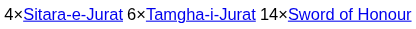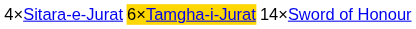 <table style="margin: 0 auto; text-align: center">
 <tr>
 <td></td>
 <td></td>
 <td></td>
 </tr>
 <tr>
 <td>4×<a href='#'>Sitara-e-Jurat</a></td>
-<td>6×<a href='#'>Tamgha-i-Jurat</a></td>
+<td style="background: gold;">6×<a href='#'>Tamgha-i-Jurat</a></td>
 <td>14×<a href='#'>Sword of Honour</a></td>
 </tr>
 </table>
